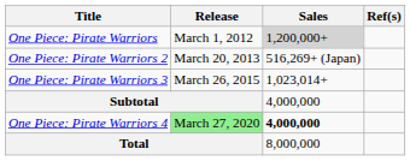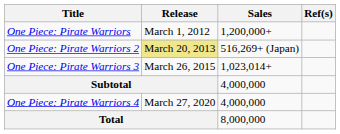 <table class="wikitable">
 <tr>
 <th>Title</th>
 <th>Release</th>
 <th>Sales</th>
 <th>Ref(s)</th>
 </tr>
 <tr>
 <td><em><a href='#'>One Piece: Pirate Warriors</a></em></td>
 <td>March 1, 2012</td>
-<td style="background: lightgrey;">1,200,000+</td>
+<td>1,200,000+</td>
 <td></td>
 </tr>
 <tr>
 <td><em><a href='#'>One Piece: Pirate Warriors 2</a></em></td>
-<td>March 20, 2013</td>
+<td style="background: khaki;">March 20, 2013</td>
 <td>516,269+ (Japan)</td>
 <td></td>
 </tr>
 <tr>
 <td><em><a href='#'>One Piece: Pirate Warriors 3</a></em></td>
 <td>March 26, 2015</td>
 <td>1,023,014+</td>
 <td></td>
 </tr>
 <tr>
 <th colspan="2">Subtotal</th>
 <td>4,000,000</td>
 <td></td>
 </tr>
 <tr>
 <td><em><a href='#'>One Piece: Pirate Warriors 4</a></em></td>
-<td style="background: lightgreen;">March 27, 2020</td>
-<td><strong>4,000,000</strong></td>
+<td>March 27, 2020</td>
+<td>4,000,000</td>
 <td></td>
 </tr>
 <tr>
 <th colspan="2">Total</th>
 <td>8,000,000</td>
 <td></td>
 </tr>
 </table>
